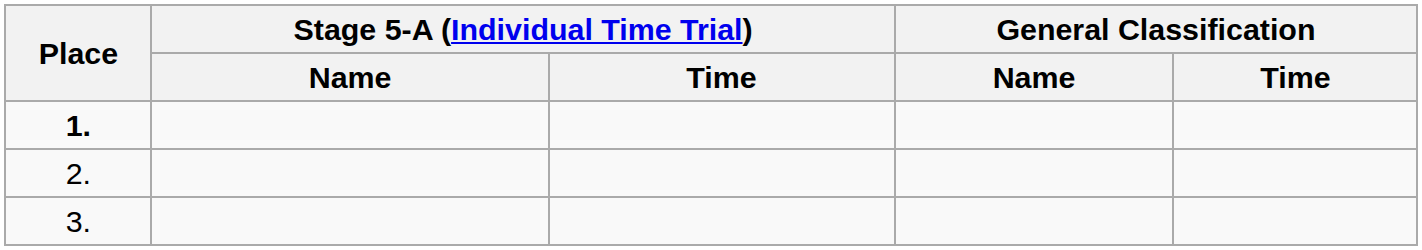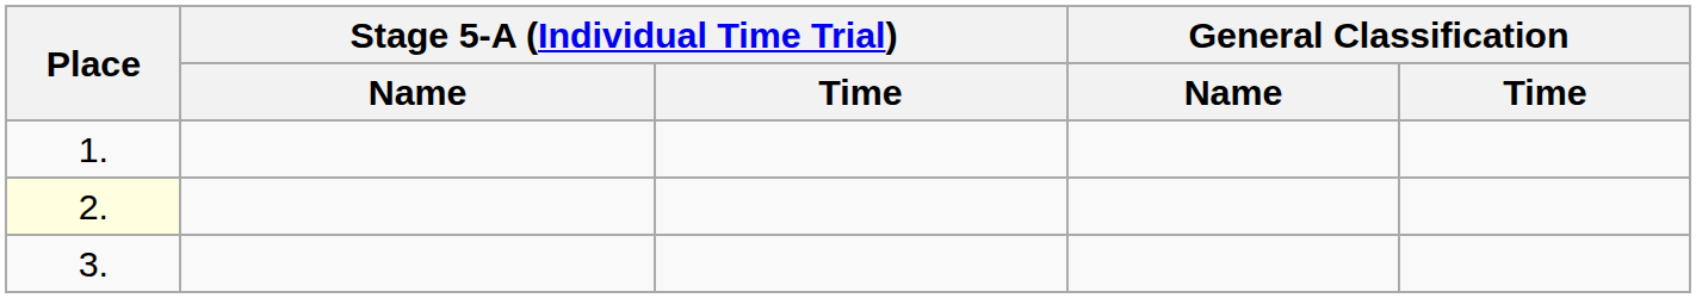 <table class=wikitable style="font-size:95%" width="80%">
 <tr>
 <th rowspan="2">Place</th>
 <th colspan="2">Stage 5-A (<a href='#'>Individual Time Trial</a>)</th>
 <th colspan="2">General Classification</th>
 </tr>
 <tr>
 <th>Name</th>
 <th>Time</th>
 <th>Name</th>
 <th>Time</th>
 </tr>
 <tr>
-<td align="center"><strong>1.</strong></td>
+<td align="center">1.</td>
 <td></td>
 <td></td>
 <td></td>
 <td></td>
 </tr>
 <tr>
-<td align="center">2.</td>
+<td align="center" style="background: lightyellow;">2.</td>
 <td></td>
 <td></td>
 <td></td>
 <td></td>
 </tr>
 <tr>
 <td align="center">3.</td>
 <td></td>
 <td></td>
 <td></td>
 <td></td>
 </tr>
 </table>
